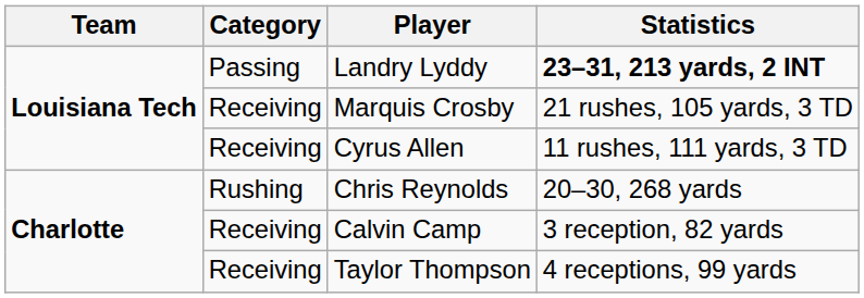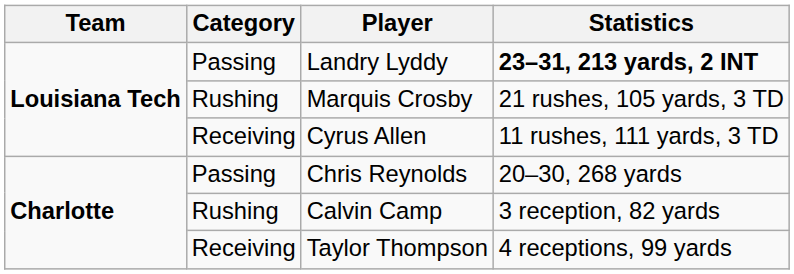 <table class="wikitable" style="float: left;">
 <tr>
 <th>Team</th>
 <th>Category</th>
 <th>Player</th>
 <th>Statistics</th>
 </tr>
 <tr>
 <td rowspan=3><strong>Louisiana Tech</strong></td>
 <td>Passing</td>
 <td>Landry Lyddy</td>
 <td><strong>23–31, 213 yards, 2 INT</strong></td>
 </tr>
 <tr>
-<td>Receiving</td>
+<td>Rushing</td>
 <td>Marquis Crosby</td>
 <td>21 rushes, 105 yards, 3 TD</td>
 </tr>
 <tr>
 <td>Receiving</td>
 <td>Cyrus Allen</td>
 <td>11 rushes, 111 yards, 3 TD</td>
 </tr>
 <tr>
 <td rowspan=3><strong>Charlotte</strong></td>
-<td>Rushing</td>
+<td>Passing</td>
 <td>Chris Reynolds</td>
 <td>20–30, 268 yards</td>
 </tr>
 <tr>
-<td>Receiving</td>
+<td>Rushing</td>
 <td>Calvin Camp</td>
 <td>3 reception, 82 yards</td>
 </tr>
 <tr>
 <td>Receiving</td>
 <td>Taylor Thompson</td>
 <td>4 receptions, 99 yards</td>
 </tr>
 </table>
